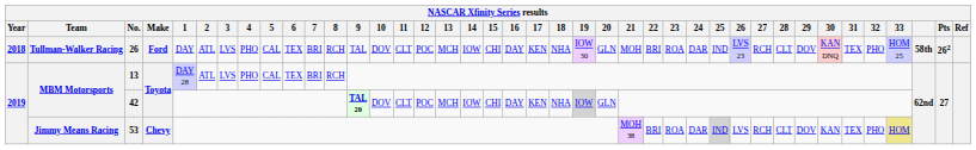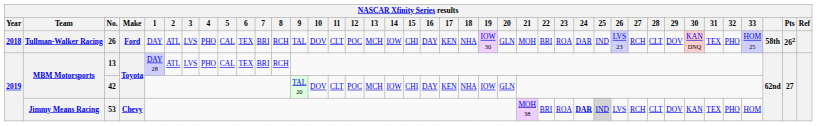 <table class="wikitable" style="text-align:center; font-size:75%">
 <tr>
 <th colspan=42><a href='#'>NASCAR Xfinity Series</a> results</th>
 </tr>
 <tr>
 <th>Year</th>
 <th>Team</th>
 <th>No.</th>
 <th>Make</th>
 <th>1</th>
 <th>2</th>
 <th>3</th>
 <th>4</th>
 <th>5</th>
 <th>6</th>
 <th>7</th>
 <th>8</th>
 <th>9</th>
 <th>10</th>
 <th>11</th>
 <th>12</th>
 <th>13</th>
 <th>14</th>
 <th>15</th>
 <th>16</th>
 <th>17</th>
 <th>18</th>
 <th>19</th>
 <th>20</th>
 <th>21</th>
 <th>22</th>
 <th>23</th>
 <th>24</th>
 <th>25</th>
 <th>26</th>
 <th>27</th>
 <th>28</th>
 <th>29</th>
 <th>30</th>
 <th>31</th>
 <th>32</th>
 <th>33</th>
 <th></th>
 <th>Pts</th>
 <th>Ref</th>
 </tr>
 <tr>
 <th><a href='#'>2018</a></th>
 <th><a href='#'>Tullman-Walker Racing</a></th>
 <th>26</th>
 <th><a href='#'>Ford</a></th>
 <td><a href='#'>DAY</a></td>
 <td><a href='#'>ATL</a></td>
 <td><a href='#'>LVS</a></td>
 <td><a href='#'>PHO</a></td>
 <td><a href='#'>CAL</a></td>
 <td><a href='#'>TEX</a></td>
 <td><a href='#'>BRI</a></td>
 <td><a href='#'>RCH</a></td>
 <td><a href='#'>TAL</a></td>
 <td><a href='#'>DOV</a></td>
 <td><a href='#'>CLT</a></td>
 <td><a href='#'>POC</a></td>
 <td><a href='#'>MCH</a></td>
 <td><a href='#'>IOW</a></td>
 <td><a href='#'>CHI</a></td>
 <td><a href='#'>DAY</a></td>
 <td><a href='#'>KEN</a></td>
 <td><a href='#'>NHA</a></td>
 <td style="background:#EFCFFF;"><a href='#'>IOW</a><br><small>30</small></td>
 <td><a href='#'>GLN</a></td>
 <td><a href='#'>MOH</a></td>
 <td><a href='#'>BRI</a></td>
 <td><a href='#'>ROA</a></td>
 <td><a href='#'>DAR</a></td>
 <td><a href='#'>IND</a></td>
 <td style="background:#CFCFFF;"><a href='#'>LVS</a><br><small>23</small></td>
 <td><a href='#'>RCH</a></td>
 <td><a href='#'>CLT</a></td>
 <td><a href='#'>DOV</a></td>
 <td style="background:#FFCFCF;"><a href='#'>KAN</a><br><small>DNQ</small></td>
 <td><a href='#'>TEX</a></td>
 <td><a href='#'>PHO</a></td>
 <td style="background:#CFCFFF;"><a href='#'>HOM</a><br><small>25</small></td>
 <th>58th</th>
 <th>26<sup>2</sup></th>
 <th></th>
 </tr>
 <tr>
 <th rowspan=3><a href='#'>2019</a></th>
 <th rowspan=2><a href='#'>MBM Motorsports</a></th>
 <th>13</th>
 <th rowspan=2><a href='#'>Toyota</a></th>
 <td style="background:#CFCFFF;"><a href='#'>DAY</a><br><small>28</small></td>
 <td><a href='#'>ATL</a></td>
 <td><a href='#'>LVS</a></td>
 <td><a href='#'>PHO</a></td>
 <td><a href='#'>CAL</a></td>
 <td><a href='#'>TEX</a></td>
 <td><a href='#'>BRI</a></td>
 <td><a href='#'>RCH</a></td>
 <td colspan=25></td>
 <th rowspan=3>62nd</th>
 <th rowspan=3>27</th>
 <th rowspan=3></th>
 </tr>
 <tr>
 <th>42</th>
 <td colspan=8></td>
-<td style="background:#DFFFDF;"><strong><a href='#'>TAL</a><br><small>20</small></strong></td>
+<td style="background:#DFFFDF;"><a href='#'>TAL</a><br><small>20</small></td>
 <td><a href='#'>DOV</a></td>
 <td><a href='#'>CLT</a></td>
 <td><a href='#'>POC</a></td>
 <td><a href='#'>MCH</a></td>
 <td><a href='#'>IOW</a></td>
 <td><a href='#'>CHI</a></td>
 <td><a href='#'>DAY</a></td>
 <td><a href='#'>KEN</a></td>
 <td><a href='#'>NHA</a></td>
-<td style="background: lightgrey;"><a href='#'>IOW</a></td>
+<td><a href='#'>IOW</a></td>
 <td><a href='#'>GLN</a></td>
 <td colspan=13></td>
 </tr>
 <tr>
 <th><a href='#'>Jimmy Means Racing</a></th>
 <th>53</th>
 <th><a href='#'>Chevy</a></th>
 <td colspan=20></td>
 <td style="background:#EFCFFF;"><a href='#'>MOH</a><br><small>38</small></td>
 <td><a href='#'>BRI</a></td>
 <td><a href='#'>ROA</a></td>
-<td><a href='#'>DAR</a></td>
+<td><strong><a href='#'>DAR</a></strong></td>
 <td style="background: lightgrey;"><a href='#'>IND</a></td>
 <td><a href='#'>LVS</a></td>
 <td><a href='#'>RCH</a></td>
 <td><a href='#'>CLT</a></td>
 <td><a href='#'>DOV</a></td>
 <td><a href='#'>KAN</a></td>
 <td><a href='#'>TEX</a></td>
 <td><a href='#'>PHO</a></td>
-<td style="background: khaki;"><a href='#'>HOM</a></td>
+<td><a href='#'>HOM</a></td>
 </tr>
 </table>
